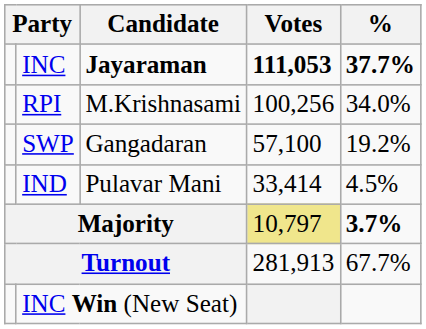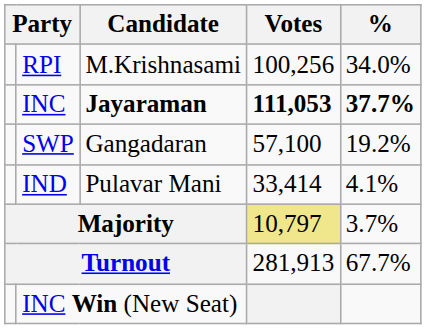 <table class="wikitable sortable">
 <tr>
 <th colspan="2">Party</th>
 <th>Candidate</th>
 <th>Votes</th>
 <th>%</th>
 </tr>
 <tr>
 <td></td>
+<td><a href='#'>RPI</a></td>
+<td>M.Krishnasami</td>
+<td>100,256</td>
+<td>34.0%</td>
+</tr>
+<tr>
+<td></td>
 <td><a href='#'>INC</a></td>
 <td><strong>Jayaraman</strong></td>
 <td><strong>111,053</strong></td>
 <td><strong>37.7%</strong></td>
-</tr>
-<tr>
-<td></td>
-<td><a href='#'>RPI</a></td>
-<td>M.Krishnasami</td>
-<td>100,256</td>
-<td>34.0%</td>
 </tr>
 <tr>
 <td></td>
 <td><a href='#'>SWP</a></td>
 <td>Gangadaran</td>
 <td>57,100</td>
 <td>19.2%</td>
 </tr>
 <tr>
 <td></td>
 <td><a href='#'>IND</a></td>
 <td>Pulavar Mani</td>
 <td>33,414</td>
-<td>4.5%</td>
+<td>4.1%</td>
 </tr>
 <tr>
 <th colspan="3">Majority</th>
 <td style="background: khaki;">10,797</td>
-<td><strong>3.7%</strong></td>
+<td>3.7%</td>
 </tr>
 <tr>
 <th colspan="3"><a href='#'>Turnout</a></th>
 <td>281,913</td>
 <td>67.7%</td>
 </tr>
 <tr>
 <td></td>
 <td colspan="2"><a href='#'>INC</a> <strong>Win</strong> (New Seat)</td>
 <th></th>
 <td></td>
 </tr>
 </table>
